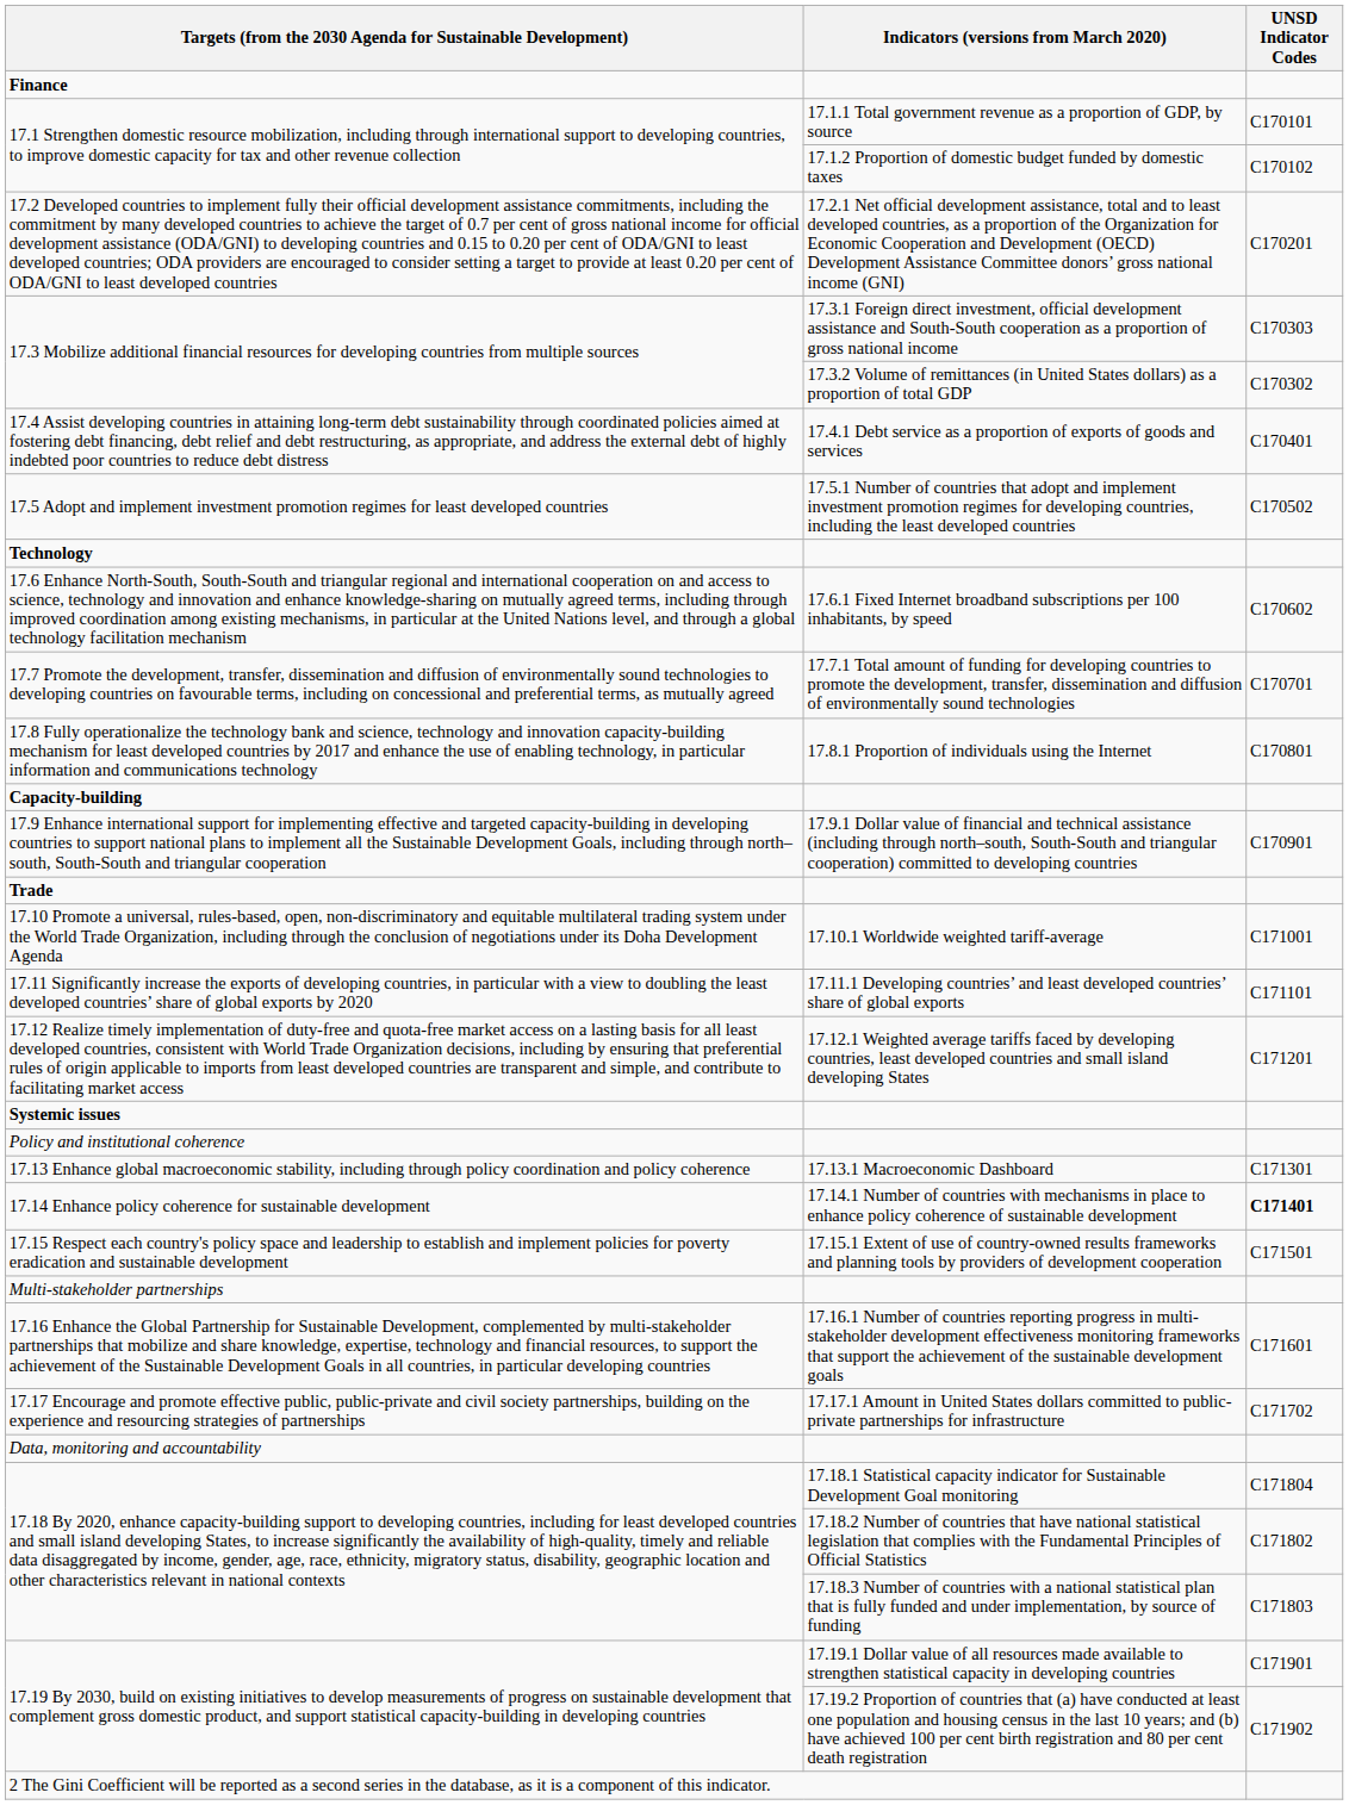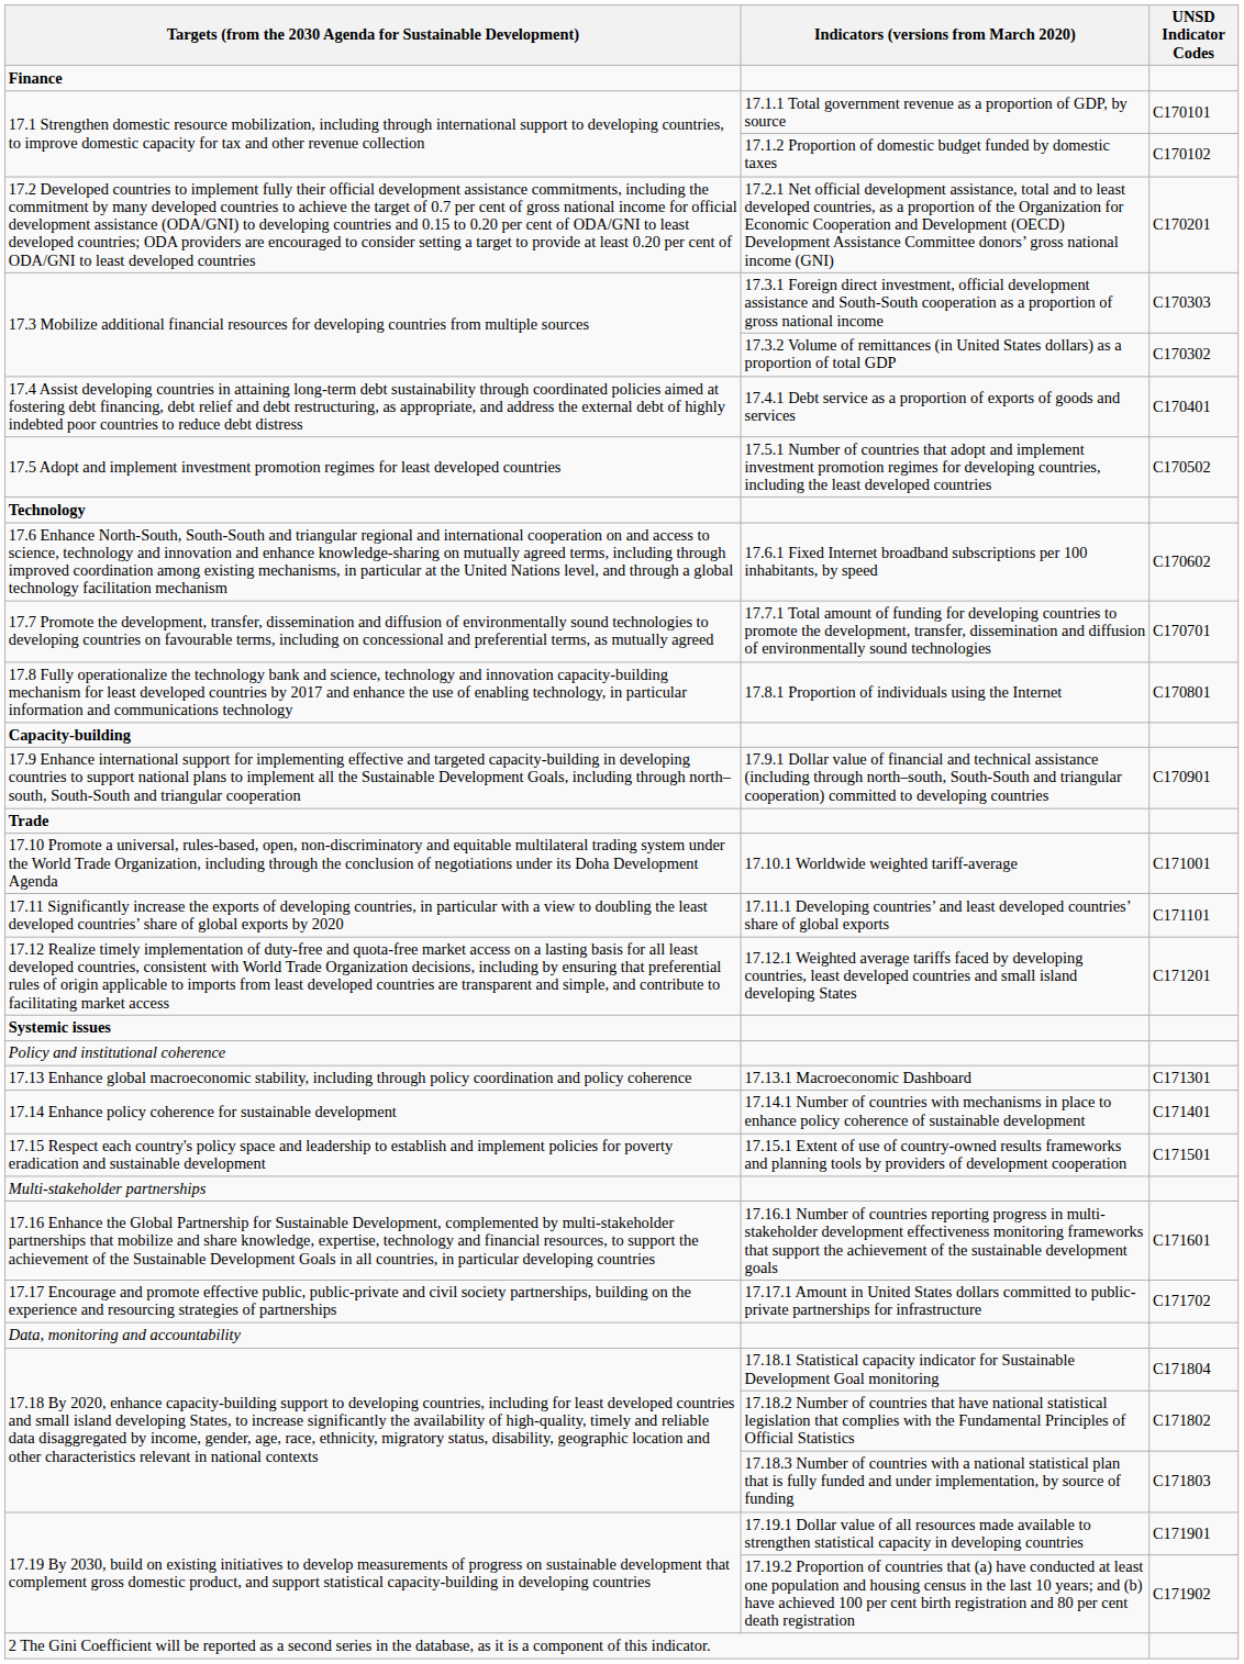 <table class="wikitable">
 <tr>
 <th>Targets (from the 2030 Agenda for Sustainable Development)</th>
 <th>Indicators (versions from March 2020)</th>
 <th>UNSD Indicator Codes </th>
 </tr>
 <tr>
 <td><strong>Finance</strong></td>
 <td></td>
 <td></td>
 </tr>
 <tr>
 <td colspan="1" rowspan="2">17.1 Strengthen domestic resource mobilization, including through international support to developing countries, to improve domestic capacity for tax and other revenue collection</td>
 <td>17.1.1 Total government revenue as a proportion of GDP, by source</td>
 <td>C170101</td>
 </tr>
 <tr>
 <td>17.1.2 Proportion of domestic budget funded by domestic taxes</td>
 <td>C170102</td>
 </tr>
 <tr>
 <td>17.2 Developed countries to implement fully their official development assistance commitments, including the commitment by many developed countries to achieve the target of 0.7 per cent of gross national income for official development assistance (ODA/GNI) to developing countries and 0.15 to 0.20 per cent of ODA/GNI to least developed countries; ODA providers are encouraged to consider setting a target to provide at least 0.20 per cent of ODA/GNI to least developed countries</td>
 <td>17.2.1 Net official development assistance, total and to least developed countries, as a proportion of the Organization for Economic Cooperation and Development (OECD) Development Assistance Committee donors’ gross national income (GNI)</td>
 <td>C170201</td>
 </tr>
 <tr>
 <td colspan="1" rowspan="2">17.3 Mobilize additional financial resources for developing countries from multiple sources</td>
 <td>17.3.1 Foreign direct investment, official development assistance and South-South cooperation as a proportion of gross national income</td>
 <td>C170303</td>
 </tr>
 <tr>
 <td>17.3.2 Volume of remittances (in United States dollars) as a proportion of total GDP</td>
 <td>C170302</td>
 </tr>
 <tr>
 <td>17.4 Assist developing countries in attaining long-term debt sustainability through coordinated policies aimed at fostering debt financing, debt relief and debt restructuring, as appropriate, and address the external debt of highly indebted poor countries to reduce debt distress</td>
 <td>17.4.1 Debt service as a proportion of exports of goods and services</td>
 <td>C170401</td>
 </tr>
 <tr>
 <td>17.5 Adopt and implement investment promotion regimes for least developed countries</td>
 <td>17.5.1 Number of countries that adopt and implement investment promotion regimes for developing countries, including the least developed countries</td>
 <td>C170502</td>
 </tr>
 <tr>
 <td><strong>Technology</strong></td>
 <td></td>
 <td></td>
 </tr>
 <tr>
 <td>17.6 Enhance North-South, South-South and triangular regional and international cooperation on and access to science, technology and innovation and enhance knowledge-sharing on mutually agreed terms, including through improved coordination among existing mechanisms, in particular at the United Nations level, and through a global technology facilitation mechanism</td>
 <td>17.6.1 Fixed Internet broadband subscriptions per 100 inhabitants, by speed</td>
 <td>C170602</td>
 </tr>
 <tr>
 <td>17.7 Promote the development, transfer, dissemination and diffusion of environmentally sound technologies to developing countries on favourable terms, including on concessional and preferential terms, as mutually agreed</td>
 <td>17.7.1 Total amount of funding for developing countries to promote the development, transfer, dissemination and diffusion of environmentally sound technologies</td>
 <td>C170701</td>
 </tr>
 <tr>
 <td>17.8 Fully operationalize the technology bank and science, technology and innovation capacity-building mechanism for least developed countries by 2017 and enhance the use of enabling technology, in particular information and communications technology</td>
 <td>17.8.1 Proportion of individuals using the Internet</td>
 <td>C170801</td>
 </tr>
 <tr>
 <td><strong>Capacity-building</strong></td>
 <td></td>
 <td></td>
 </tr>
 <tr>
 <td>17.9 Enhance international support for implementing effective and targeted capacity-building in developing countries to support national plans to implement all the Sustainable Development Goals, including through north–south, South-South and triangular cooperation</td>
 <td>17.9.1 Dollar value of financial and technical assistance (including through north–south, South‑South and triangular cooperation) committed to developing countries</td>
 <td>C170901</td>
 </tr>
 <tr>
 <td><strong>Trade</strong></td>
 <td></td>
 <td></td>
 </tr>
 <tr>
 <td>17.10 Promote a universal, rules-based, open, non‑discriminatory and equitable multilateral trading system under the World Trade Organization, including through the conclusion of negotiations under its Doha Development Agenda</td>
 <td>17.10.1 Worldwide weighted tariff-average</td>
 <td>C171001</td>
 </tr>
 <tr>
 <td>17.11 Significantly increase the exports of developing countries, in particular with a view to doubling the least developed countries’ share of global exports by 2020</td>
 <td>17.11.1 Developing countries’ and least developed countries’ share of global exports</td>
 <td>C171101</td>
 </tr>
 <tr>
 <td>17.12 Realize timely implementation of duty-free and quota-free market access on a lasting basis for all least developed countries, consistent with World Trade Organization decisions, including by ensuring that preferential rules of origin applicable to imports from least developed countries are transparent and simple, and contribute to facilitating market access</td>
 <td>17.12.1 Weighted average tariffs faced by developing countries, least developed countries and small island developing States</td>
 <td>C171201</td>
 </tr>
 <tr>
 <td><strong>Systemic issues</strong></td>
 <td></td>
 <td></td>
 </tr>
 <tr>
 <td><em>Policy and institutional coherence</em></td>
 <td></td>
 <td></td>
 </tr>
 <tr>
 <td>17.13 Enhance global macroeconomic stability, including through policy coordination and policy coherence</td>
 <td>17.13.1 Macroeconomic Dashboard</td>
 <td>C171301</td>
 </tr>
 <tr>
 <td>17.14 Enhance policy coherence for sustainable development</td>
 <td>17.14.1 Number of countries with mechanisms in place to enhance policy coherence of sustainable development</td>
-<td><strong>C171401</strong></td>
+<td>C171401</td>
 </tr>
 <tr>
 <td>17.15 Respect each country's policy space and leadership to establish and implement policies for poverty eradication and sustainable development</td>
 <td>17.15.1 Extent of use of country-owned results frameworks and planning tools by providers of development cooperation</td>
 <td>C171501</td>
 </tr>
 <tr>
 <td><em>Multi-stakeholder partnerships</em></td>
 <td></td>
 <td></td>
 </tr>
 <tr>
 <td>17.16 Enhance the Global Partnership for Sustainable Development, complemented by multi-stakeholder partnerships that mobilize and share knowledge, expertise, technology and financial resources, to support the achievement of the Sustainable Development Goals in all countries, in particular developing countries</td>
 <td>17.16.1 Number of countries reporting progress in multi-stakeholder development effectiveness monitoring frameworks that support the achievement of the sustainable development goals</td>
 <td>C171601</td>
 </tr>
 <tr>
 <td>17.17 Encourage and promote effective public, public-private and civil society partnerships, building on the experience and resourcing strategies of partnerships</td>
 <td>17.17.1 Amount in United States dollars committed to public-private partnerships for infrastructure</td>
 <td>C171702</td>
 </tr>
 <tr>
 <td><em>Data, monitoring and accountability</em></td>
 <td></td>
 <td></td>
 </tr>
 <tr>
 <td colspan="1" rowspan="3">17.18 By 2020, enhance capacity-building support to developing countries, including for least developed countries and small island developing States, to increase significantly the availability of high-quality, timely and reliable data disaggregated by income, gender, age, race, ethnicity, migratory status, disability, geographic location and other characteristics relevant in national contexts</td>
 <td>17.18.1 Statistical capacity indicator for Sustainable Development Goal monitoring</td>
 <td>C171804</td>
 </tr>
 <tr>
 <td>17.18.2 Number of countries that have national statistical legislation that complies with the Fundamental Principles of Official Statistics</td>
 <td>C171802</td>
 </tr>
 <tr>
 <td>17.18.3 Number of countries with a national statistical plan that is fully funded and under implementation, by source of funding</td>
 <td>C171803</td>
 </tr>
 <tr>
 <td colspan="1" rowspan="2">17.19 By 2030, build on existing initiatives to develop measurements of progress on sustainable development that complement gross domestic product, and support statistical capacity-building in developing countries</td>
 <td>17.19.1 Dollar value of all resources made available to strengthen statistical capacity in developing countries</td>
 <td>C171901</td>
 </tr>
 <tr>
 <td>17.19.2 Proportion of countries that (a) have conducted at least one population and housing census in the last 10 years; and (b) have achieved 100 per cent birth registration and 80 per cent death registration</td>
 <td>C171902</td>
 </tr>
 <tr>
 <td colspan="2" rowspan="1">2 The Gini Coefficient will be reported as a second series in the database, as it is a component of this indicator.</td>
 </tr>
 </table>
